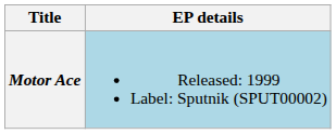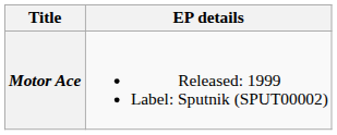 <table class="wikitable plainrowheaders" style="text-align:center;">
 <tr>
 <th>Title</th>
 <th>EP details</th>
 </tr>
 <tr>
 <th scope="row"><em>Motor Ace</em></th>
-<td style="background: lightblue;"><br><ul><li>Released: 1999</li><li>Label: Sputnik (SPUT00002)</li></ul></td>
+<td><br><ul><li>Released: 1999</li><li>Label: Sputnik (SPUT00002)</li></ul></td>
 </tr>
 </table>
